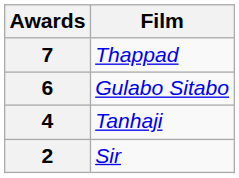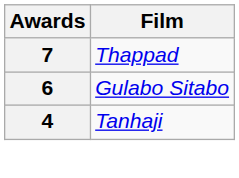 <table class="wikitable" style="display:inline-table;">
 <tr>
 <th>Awards</th>
 <th>Film</th>
 </tr>
 <tr>
 <th scope=row>7</th>
 <td><em><a href='#'>Thappad</a> </em></td>
 </tr>
 <tr>
 <th>6</th>
 <td><em><a href='#'>Gulabo Sitabo</a></em></td>
 </tr>
 <tr>
 <th scope=row>4</th>
 <td><em><a href='#'>Tanhaji</a> </em></td>
 </tr>
-<tr>
-<th>2</th>
-<td><em><a href='#'>Sir</a></em></td>
-</tr>
 </table>
